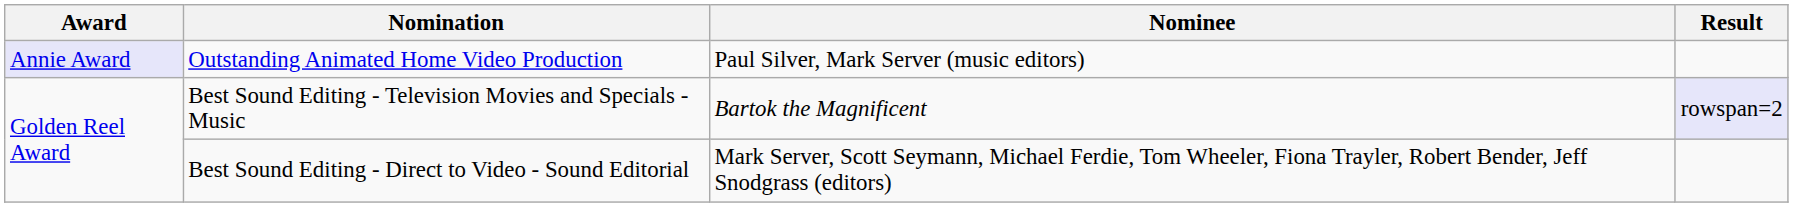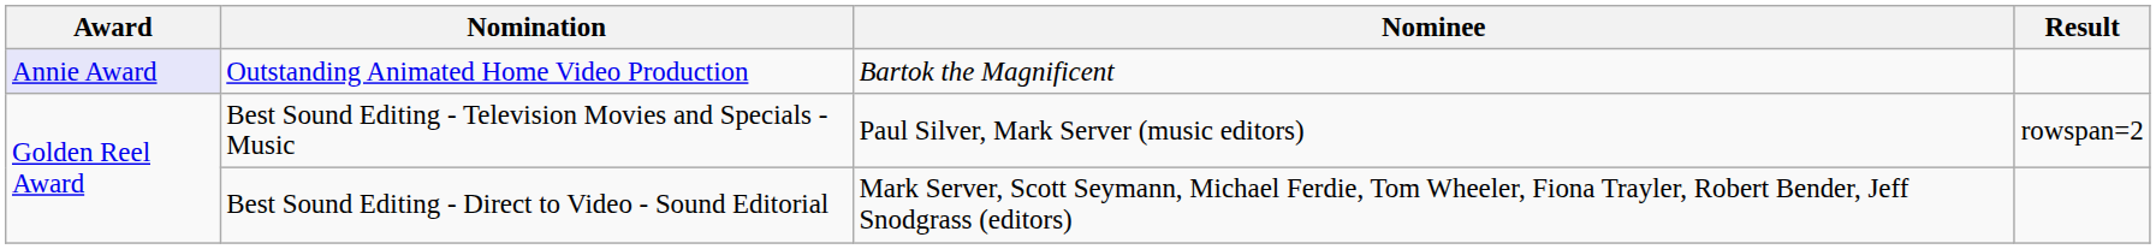 <table class="wikitable" width:100%;">
 <tr>
 <th>Award</th>
 <th>Nomination</th>
 <th>Nominee</th>
 <th>Result</th>
 </tr>
 <tr>
 <td style="background: lavender;"><a href='#'>Annie Award</a></td>
 <td><a href='#'>Outstanding Animated Home Video Production</a></td>
-<td>Paul Silver, Mark Server (music editors)</td>
+<td><em>Bartok the Magnificent</em></td>
 <td></td>
 </tr>
 <tr>
 <td rowspan=2><a href='#'>Golden Reel Award</a></td>
 <td>Best Sound Editing - Television Movies and Specials - Music</td>
-<td><em>Bartok the Magnificent</em></td>
-<td style="background: lavender;">rowspan=2 </td>
+<td>Paul Silver, Mark Server (music editors)</td>
+<td>rowspan=2 </td>
 </tr>
 <tr>
 <td>Best Sound Editing - Direct to Video - Sound Editorial</td>
 <td>Mark Server, Scott Seymann, Michael Ferdie, Tom Wheeler, Fiona Trayler, Robert Bender, Jeff Snodgrass (editors)</td>
 </tr>
 </table>
